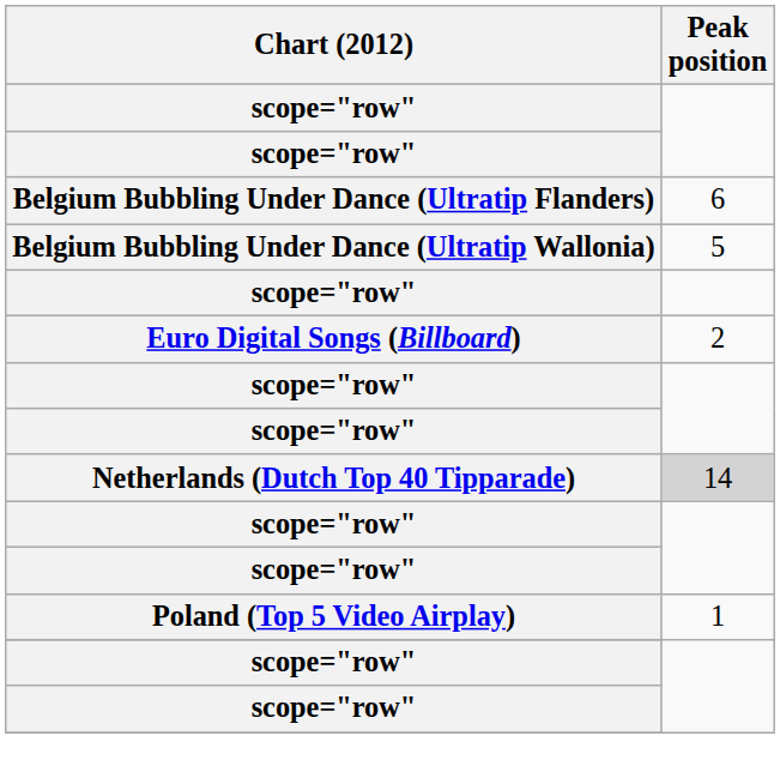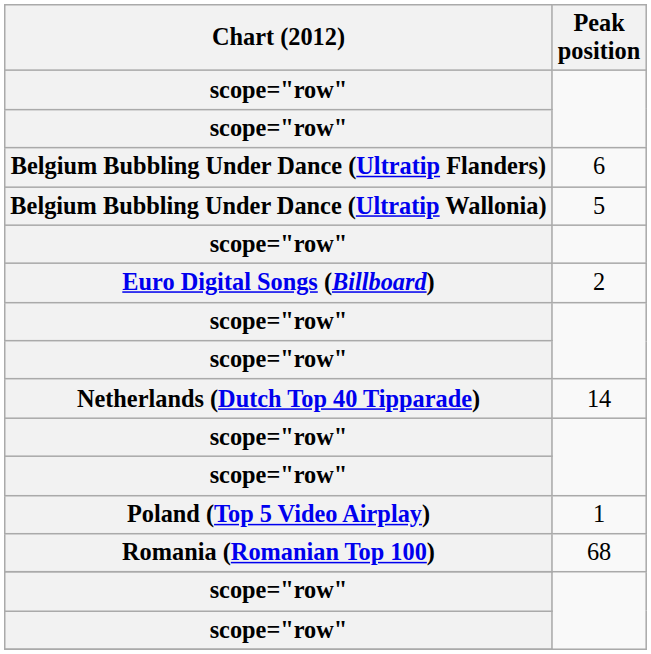 <table class="wikitable sortable plainrowheaders">
 <tr>
 <th scope="col">Chart (2012)</th>
 <th scope="col">Peak<br>position</th>
 </tr>
 <tr>
 <th>scope="row"</th>
 </tr>
 <tr>
 <th>scope="row"</th>
 </tr>
 <tr>
 <th scope="row">Belgium Bubbling Under Dance (<a href='#'>Ultratip</a> Flanders)</th>
 <td style="text-align:center;">6</td>
 </tr>
 <tr>
 <th scope="row">Belgium Bubbling Under Dance (<a href='#'>Ultratip</a> Wallonia)</th>
 <td style="text-align:center;">5</td>
 </tr>
 <tr>
 <th>scope="row"</th>
 </tr>
 <tr>
 <th scope="row"><a href='#'>Euro Digital Songs</a> (<em><a href='#'>Billboard</a></em>)</th>
 <td style="text-align:center;">2</td>
 </tr>
 <tr>
 <th>scope="row"</th>
 </tr>
 <tr>
 <th>scope="row"</th>
 </tr>
 <tr>
 <th scope="row">Netherlands (<a href='#'>Dutch Top 40 Tipparade</a>)</th>
-<td align="center" style="background: lightgrey;">14</td>
+<td align="center">14</td>
 </tr>
 <tr>
 <th>scope="row"</th>
 </tr>
 <tr>
 <th>scope="row"</th>
 </tr>
 <tr>
 <th scope="row">Poland (<a href='#'>Top 5 Video Airplay</a>)</th>
 <td style="text-align:center;">1</td>
+</tr>
+<tr>
+<th scope="row">Romania (<a href='#'>Romanian Top 100</a>)</th>
+<td style="text-align:center;">68</td>
 </tr>
 <tr>
 </tr>
 <tr>
 <th>scope="row"</th>
 </tr>
 <tr>
 <th>scope="row"</th>
 </tr>
 <tr>
 </tr>
 <tr>
 </tr>
 </table>
